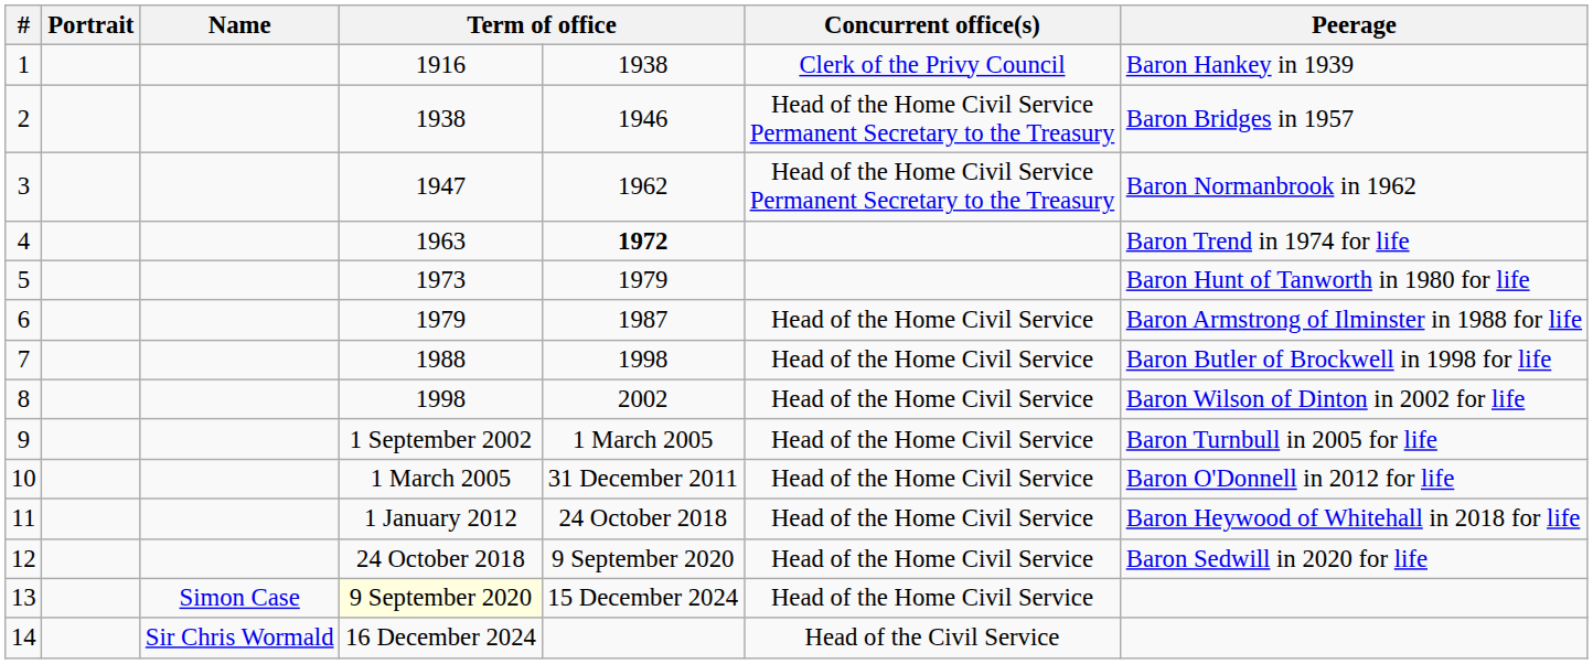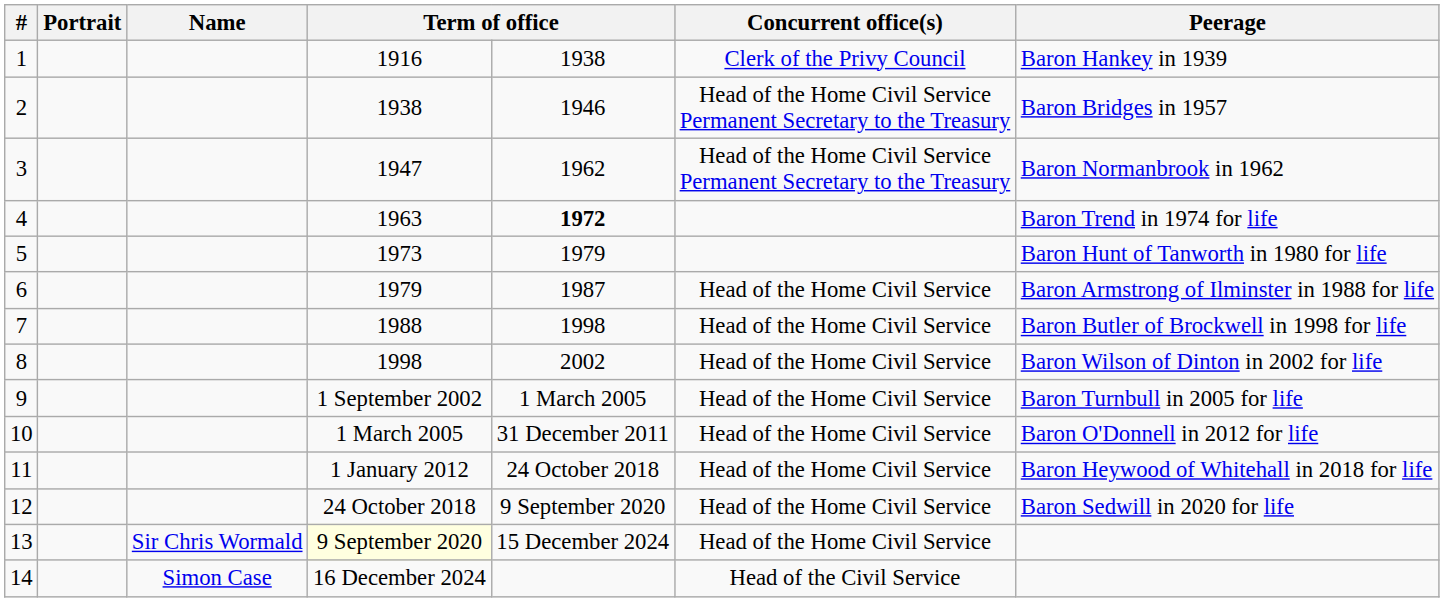 <table class="wikitable sortable" style="text-align:center">
 <tr>
 <th>#</th>
 <th>Portrait</th>
 <th>Name<br></th>
 <th colspan=2>Term of office</th>
 <th>Concurrent office(s)</th>
 <th>Peerage</th>
 </tr>
 <tr>
 <td>1</td>
 <td></td>
 <td><br></td>
 <td>1916</td>
 <td>1938</td>
 <td><a href='#'>Clerk of the Privy Council</a></td>
 <td align=left><a href='#'>Baron Hankey</a> in 1939</td>
 </tr>
 <tr>
 <td>2</td>
 <td></td>
 <td><br></td>
 <td>1938</td>
 <td>1946</td>
 <td>Head of the Home Civil Service<br><a href='#'>Permanent Secretary to the Treasury</a></td>
 <td align=left><a href='#'>Baron Bridges</a> in 1957</td>
 </tr>
 <tr>
 <td>3</td>
 <td></td>
 <td><br></td>
 <td>1947</td>
 <td>1962</td>
 <td>Head of the Home Civil Service<br><a href='#'>Permanent Secretary to the Treasury</a></td>
 <td align=left><a href='#'>Baron Normanbrook</a> in 1962</td>
 </tr>
 <tr>
 <td>4</td>
 <td></td>
 <td><br></td>
 <td>1963</td>
 <td><strong>1972</strong></td>
 <td></td>
 <td align=left><a href='#'>Baron Trend</a> in 1974 for <a href='#'>life</a></td>
 </tr>
 <tr>
 <td>5</td>
 <td></td>
 <td><br></td>
 <td>1973</td>
 <td>1979</td>
 <td></td>
 <td align=left><a href='#'>Baron Hunt of Tanworth</a> in 1980 for <a href='#'>life</a></td>
 </tr>
 <tr>
 <td>6</td>
 <td></td>
 <td><br></td>
 <td>1979</td>
 <td>1987</td>
 <td>Head of the Home Civil Service</td>
 <td align=left><a href='#'>Baron Armstrong of Ilminster</a> in 1988 for <a href='#'>life</a></td>
 </tr>
 <tr>
 <td>7</td>
 <td></td>
 <td><br></td>
 <td>1988</td>
 <td>1998</td>
 <td>Head of the Home Civil Service</td>
 <td align=left><a href='#'>Baron Butler of Brockwell</a> in 1998 for <a href='#'>life</a></td>
 </tr>
 <tr>
 <td>8</td>
 <td></td>
 <td><br></td>
 <td>1998</td>
 <td>2002</td>
 <td>Head of the Home Civil Service</td>
 <td align=left><a href='#'>Baron Wilson of Dinton</a> in 2002 for <a href='#'>life</a></td>
 </tr>
 <tr>
 <td>9</td>
 <td></td>
 <td><br></td>
 <td>1 September 2002</td>
 <td>1 March 2005</td>
 <td>Head of the Home Civil Service</td>
 <td align=left><a href='#'>Baron Turnbull</a> in 2005 for <a href='#'>life</a></td>
 </tr>
 <tr>
 <td>10</td>
 <td></td>
 <td><br></td>
 <td>1 March 2005</td>
 <td>31 December 2011</td>
 <td>Head of the Home Civil Service</td>
 <td align=left><a href='#'>Baron O'Donnell</a> in 2012 for <a href='#'>life</a></td>
 </tr>
 <tr>
 <td>11</td>
 <td></td>
 <td><br></td>
 <td>1 January 2012</td>
 <td>24 October 2018</td>
 <td>Head of the Home Civil Service</td>
 <td align=left><a href='#'>Baron Heywood of Whitehall</a> in 2018 for <a href='#'>life</a></td>
 </tr>
 <tr>
 <td>12</td>
 <td></td>
 <td><br></td>
 <td>24 October 2018</td>
 <td>9 September 2020</td>
 <td>Head of the Home Civil Service</td>
 <td align=left><a href='#'>Baron Sedwill</a> in 2020 for <a href='#'>life</a></td>
 </tr>
 <tr>
 <td>13</td>
 <td></td>
-<td><a href='#'>Simon Case</a><br></td>
+<td><a href='#'>Sir Chris Wormald</a><br></td>
 <td style="background: lightyellow;">9 September 2020</td>
 <td>15 December 2024</td>
 <td>Head of the Home Civil Service</td>
 </tr>
 <tr>
 <td>14</td>
 <td></td>
-<td><a href='#'>Sir Chris Wormald</a><br></td>
+<td><a href='#'>Simon Case</a><br></td>
 <td>16 December 2024</td>
 <td></td>
 <td>Head of the Civil Service</td>
 <td></td>
 </tr>
 </table>
